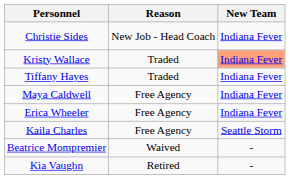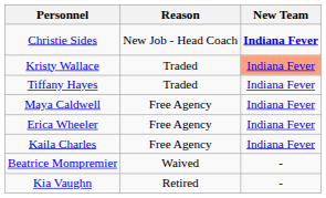 <table class="wikitable" style="text-align: center">
 <tr align="center"  bgcolor="#dddddd">
 <th><strong>Personnel</strong></th>
 <th><strong>Reason</strong></th>
 <th><strong>New Team</strong></th>
 </tr>
 <tr style="height:40px">
 <td><a href='#'>Christie Sides</a></td>
 <td>New Job - Head Coach</td>
-<td><a href='#'>Indiana Fever</a></td>
+<td><strong><a href='#'>Indiana Fever</a></strong></td>
 </tr>
 <tr>
 <td><a href='#'>Kristy Wallace</a></td>
 <td>Traded</td>
 <td style="background: lightsalmon;"><a href='#'>Indiana Fever</a></td>
 </tr>
 <tr>
 <td><a href='#'>Tiffany Hayes</a></td>
 <td>Traded</td>
 <td><a href='#'>Indiana Fever</a></td>
 </tr>
 <tr>
 <td><a href='#'>Maya Caldwell</a></td>
 <td>Free Agency</td>
 <td><a href='#'>Indiana Fever</a></td>
 </tr>
 <tr>
 <td><a href='#'>Erica Wheeler</a></td>
 <td>Free Agency</td>
 <td><a href='#'>Indiana Fever</a></td>
 </tr>
 <tr>
 <td><a href='#'>Kaila Charles</a></td>
 <td>Free Agency</td>
-<td><a href='#'>Seattle Storm</a></td>
+<td><a href='#'>Indiana Fever</a></td>
 </tr>
 <tr>
 <td><a href='#'>Beatrice Mompremier</a></td>
 <td>Waived</td>
 <td>-</td>
 </tr>
 <tr>
 <td><a href='#'>Kia Vaughn</a></td>
 <td>Retired</td>
 <td>-</td>
 </tr>
 </table>
